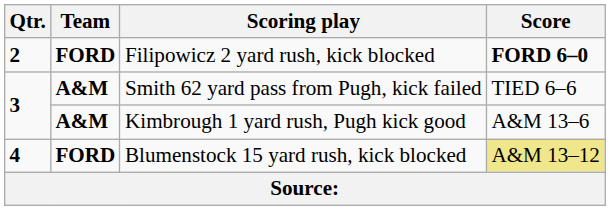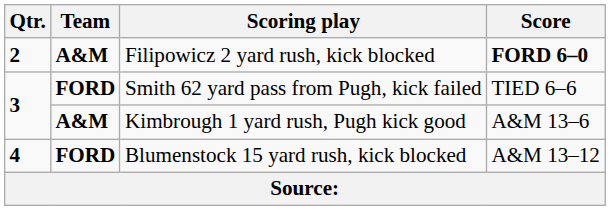 <table class="wikitable">
 <tr>
 <th>Qtr.</th>
 <th>Team</th>
 <th>Scoring play</th>
 <th>Score</th>
 </tr>
 <tr>
 <td><strong>2</strong></td>
-<td><strong>FORD</strong></td>
+<td><strong>A&M</strong></td>
 <td>Filipowicz 2 yard rush, kick blocked</td>
 <td><strong>FORD 6–0</strong></td>
 </tr>
 <tr>
 <td rowspan=2><strong>3</strong></td>
-<td><strong>A&M</strong></td>
+<td><strong>FORD</strong></td>
 <td>Smith 62 yard pass from Pugh, kick failed</td>
 <td>TIED 6–6</td>
 </tr>
 <tr>
 <td><strong>A&M</strong></td>
 <td>Kimbrough 1 yard rush, Pugh kick good</td>
 <td>A&M 13–6</td>
 </tr>
 <tr>
 <td><strong>4</strong></td>
 <td><strong>FORD</strong></td>
 <td>Blumenstock 15 yard rush, kick blocked</td>
-<td style="background: khaki;">A&M 13–12</td>
+<td>A&M 13–12</td>
 </tr>
 <tr>
 <th colspan=4>Source:</th>
 </tr>
 </table>
